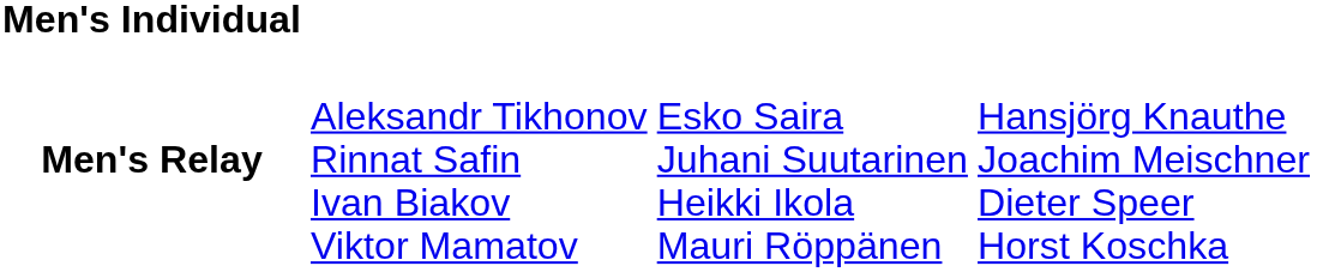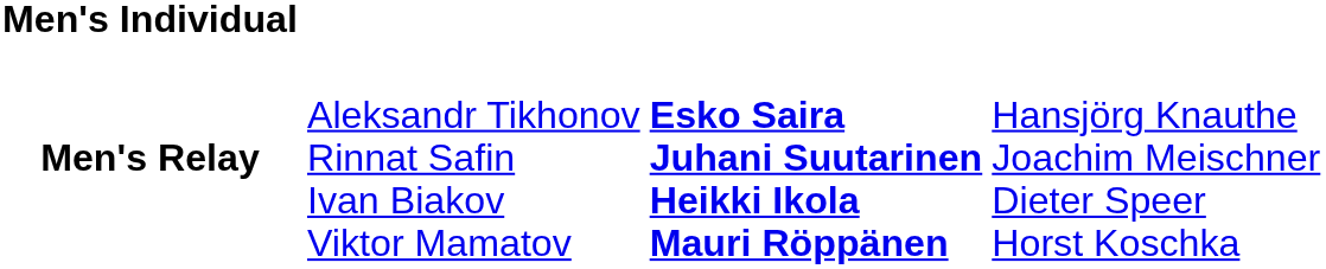 <table>
 <tr>
 <th scope="row">Men's Individual<br></th>
 <td></td>
 <td></td>
 <td></td>
 </tr>
 <tr>
 <th scope="row">Men's Relay<br></th>
 <td><br><a href='#'>Aleksandr Tikhonov</a><br><a href='#'>Rinnat Safin</a><br><a href='#'>Ivan Biakov</a><br><a href='#'>Viktor Mamatov</a></td>
-<td><br><a href='#'>Esko Saira</a><br><a href='#'>Juhani Suutarinen</a><br><a href='#'>Heikki Ikola</a><br><a href='#'>Mauri Röppänen</a></td>
+<td><strong><br><a href='#'>Esko Saira</a><br><a href='#'>Juhani Suutarinen</a><br><a href='#'>Heikki Ikola</a><br><a href='#'>Mauri Röppänen</a></strong></td>
 <td><br><a href='#'>Hansjörg Knauthe</a><br><a href='#'>Joachim Meischner</a><br><a href='#'>Dieter Speer</a><br><a href='#'>Horst Koschka</a></td>
 </tr>
 </table>
